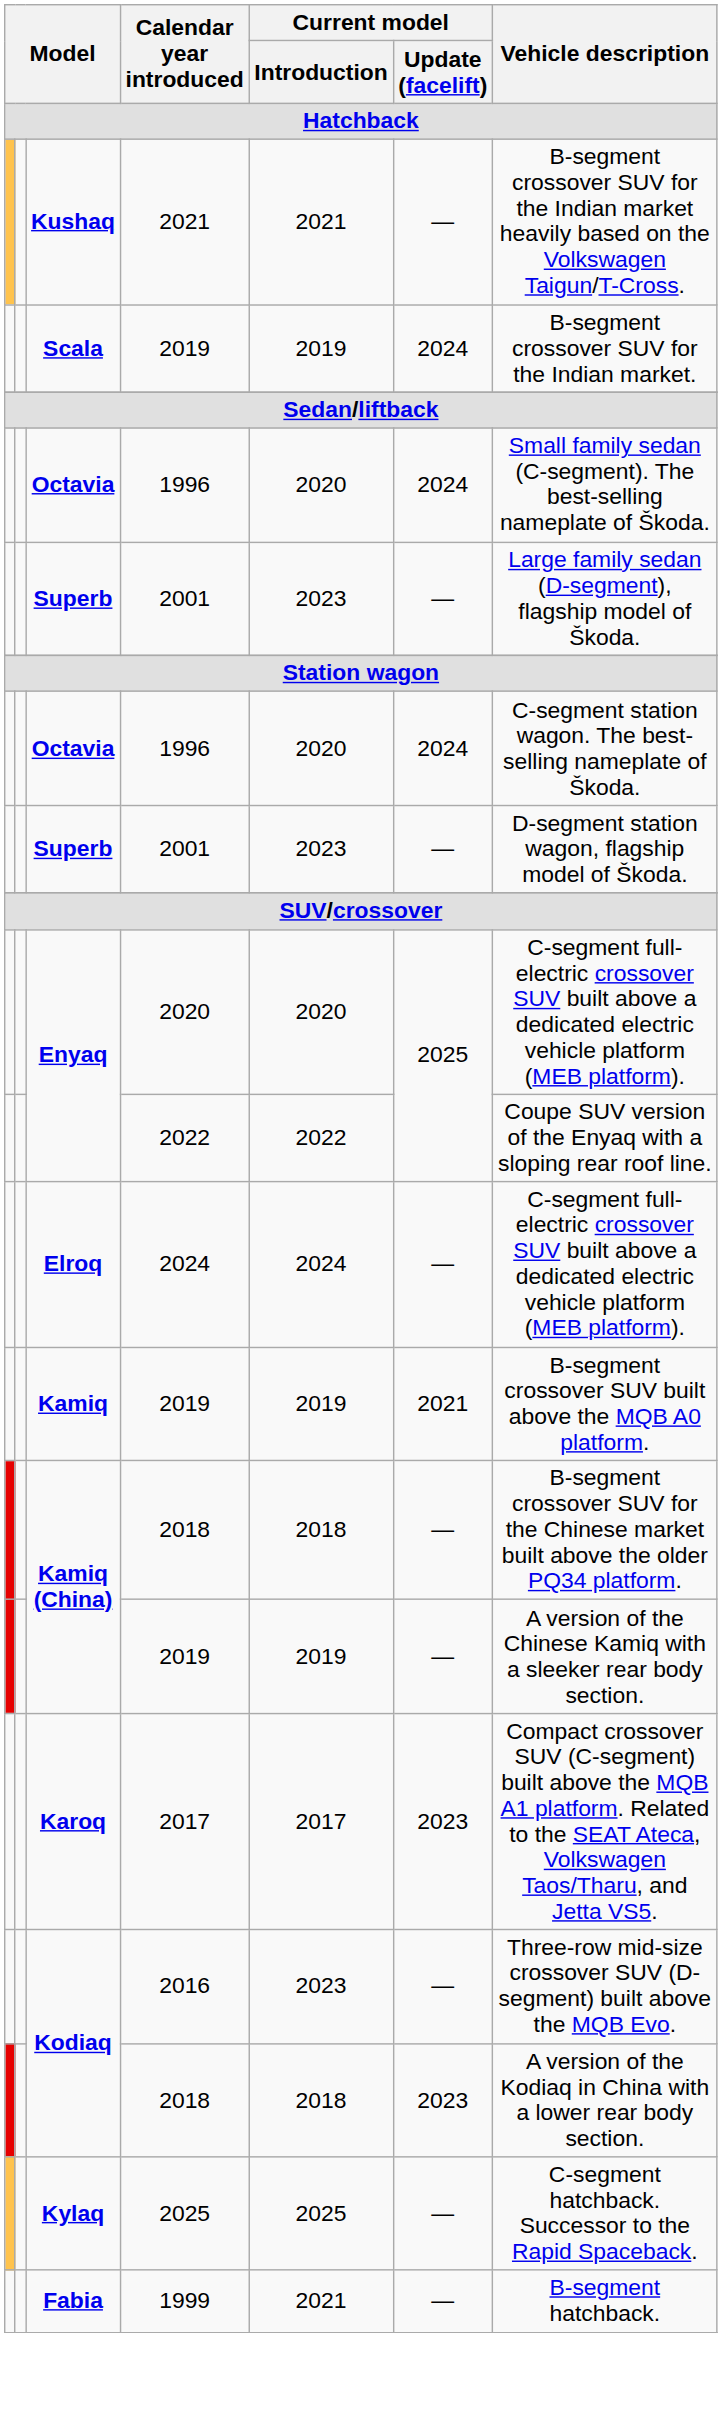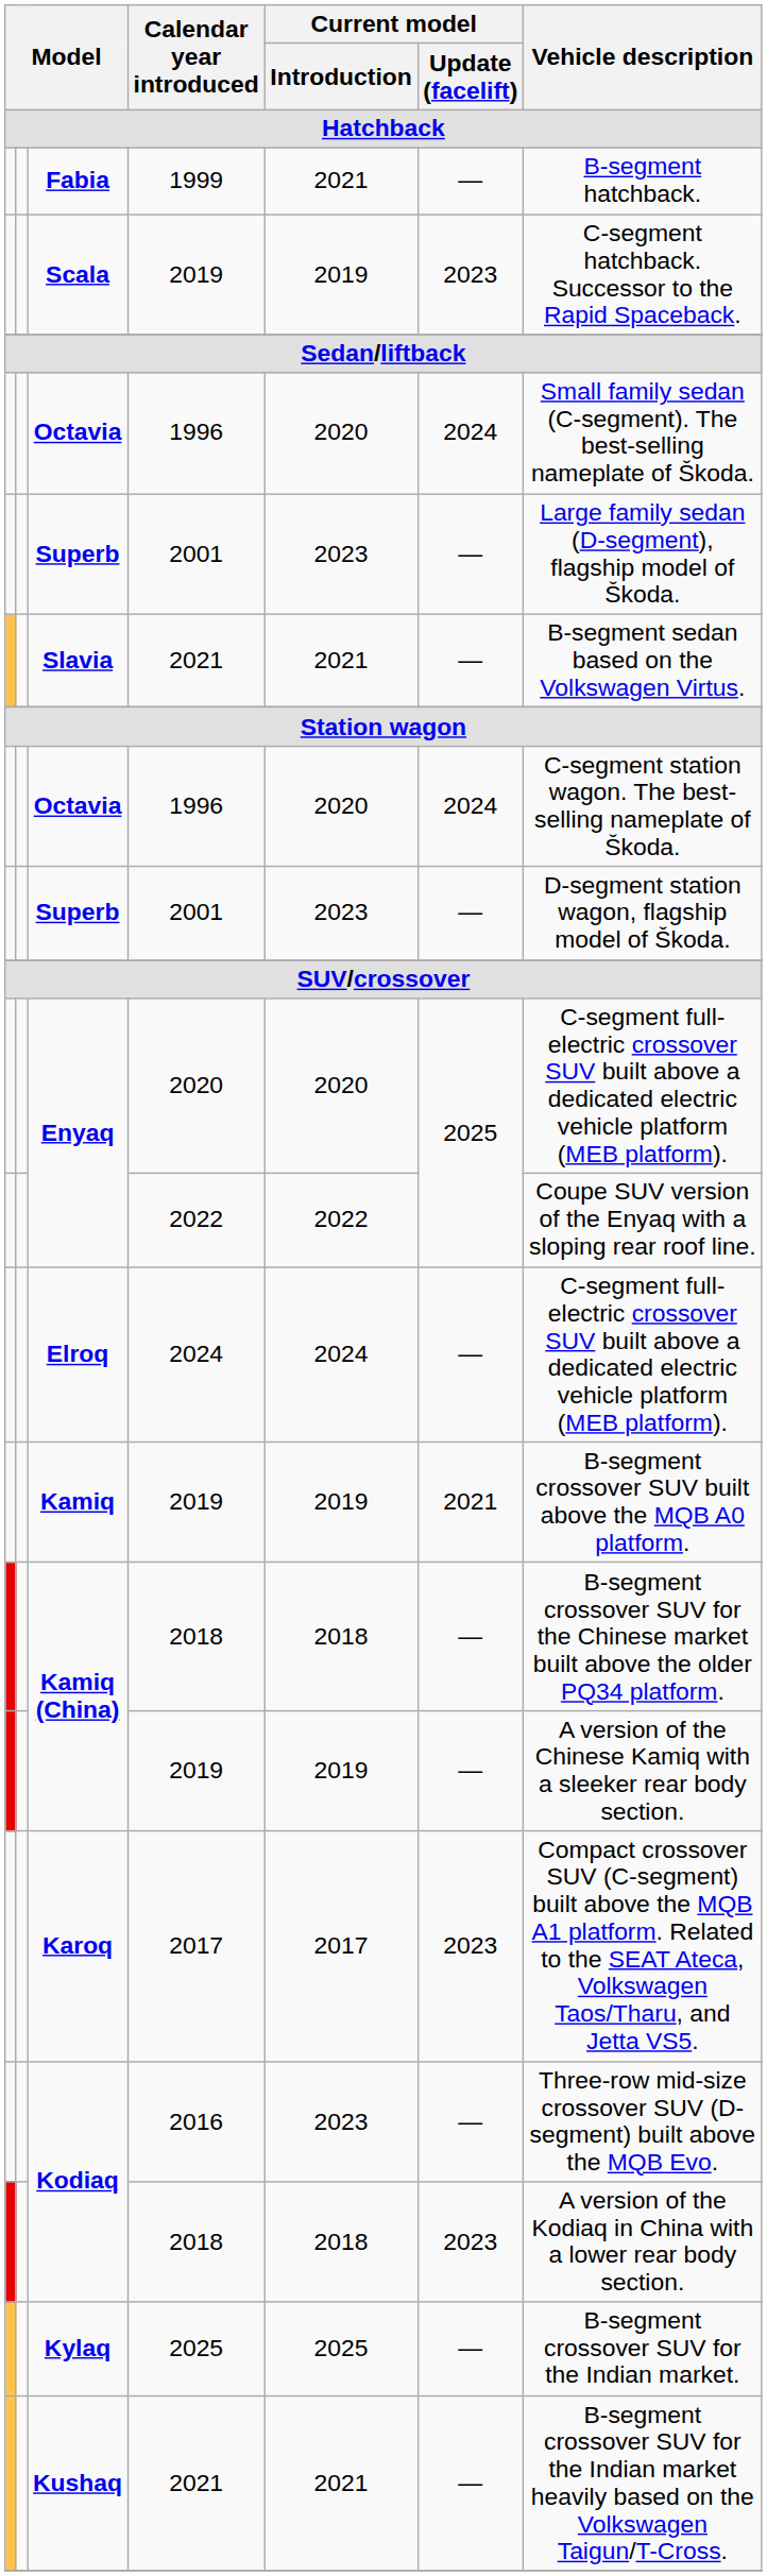 <table class="wikitable" style="text-align: center; width: 80%">
 <tr>
 <th colspan="3" rowspan="2" width="1px">Model</th>
 <th rowspan="2" width=9%>Calendar year<br>introduced</th>
 <th colspan="2">Current model</th>
 <th rowspan="2" width=50% cellpadding=35px>Vehicle description</th>
 </tr>
 <tr>
 <th width=9%>Introduction</th>
 <th width=9%>Update (<a href='#'>facelift</a>)</th>
 </tr>
 <tr bgcolor="#e0e0e0">
 <td colspan="7"><strong><a href='#'>Hatchback</a></strong></td>
 </tr>
 <tr>
-<td style="background: #ffc34d"></td>
 <td></td>
-<td><a href='#'><strong>Kushaq</strong></a></td>
-<td>2021</td>
+<td></td>
+<td><a href='#'><strong>Fabia</strong></a></td>
+<td>1999</td>
 <td>2021</td>
 <td>—</td>
-<td>B-segment crossover SUV for the Indian market heavily based on the <a href='#'>Volkswagen Taigun</a>/<a href='#'>T-Cross</a>.</td>
+<td><a href='#'>B-segment</a> hatchback.</td>
 </tr>
 <tr>
 <td></td>
 <td></td>
 <td><a href='#'><strong>Scala</strong></a></td>
 <td>2019</td>
 <td>2019</td>
-<td>2024</td>
-<td>B-segment crossover SUV for the Indian market.</td>
+<td>2023</td>
+<td>C-segment hatchback. Successor to the <a href='#'>Rapid Spaceback</a>.</td>
 </tr>
 <tr>
 </tr>
 <tr bgcolor="#e0e0e0">
 <td colspan="7"><strong><a href='#'>Sedan</a>/<a href='#'>liftback</a></strong></td>
 </tr>
 <tr>
 <td></td>
 <td></td>
 <td><a href='#'><strong>Octavia</strong></a></td>
 <td>1996</td>
 <td>2020</td>
 <td>2024</td>
 <td><a href='#'>Small family sedan</a> (C-segment). The best-selling nameplate of Škoda.</td>
 </tr>
 <tr>
 <td></td>
 <td></td>
 <td><a href='#'><strong>Superb</strong></a></td>
 <td>2001</td>
 <td>2023</td>
 <td>—</td>
 <td><a href='#'>Large family sedan</a> (<a href='#'>D-segment</a>), flagship model of Škoda.</td>
+</tr>
+<tr>
+<td style="background: #ffc34d"></td>
+<td></td>
+<td><a href='#'><strong>Slavia</strong></a></td>
+<td>2021</td>
+<td>2021</td>
+<td>—</td>
+<td>B-segment sedan based on the <a href='#'>Volkswagen Virtus</a>.</td>
 </tr>
 <tr>
 </tr>
 <tr bgcolor="#e0e0e0">
 <td colspan="7"><strong><a href='#'>Station wagon</a></strong></td>
 </tr>
 <tr>
 <td></td>
 <td></td>
 <td><a href='#'><strong>Octavia</strong></a></td>
 <td>1996</td>
 <td>2020</td>
 <td>2024</td>
 <td>C-segment station wagon. The best-selling nameplate of Škoda.</td>
 </tr>
 <tr>
 <td></td>
 <td></td>
 <td><a href='#'><strong>Superb</strong></a></td>
 <td>2001</td>
 <td>2023</td>
 <td>—</td>
 <td>D-segment station wagon, flagship model of Škoda.</td>
 </tr>
 <tr>
 </tr>
 <tr bgcolor="#e0e0e0">
 <td colspan="7"><strong><a href='#'>SUV</a>/<a href='#'>crossover</a></strong></td>
 </tr>
 <tr>
 <td></td>
 <td></td>
 <td rowspan="2"><a href='#'><strong>Enyaq</strong></a></td>
 <td>2020</td>
 <td>2020</td>
 <td rowspan="2">2025</td>
 <td>C-segment full-electric <a href='#'>crossover SUV</a> built above a dedicated electric vehicle platform (<a href='#'>MEB platform</a>).</td>
 </tr>
 <tr>
 <td></td>
 <td></td>
 <td>2022</td>
 <td>2022</td>
 <td>Coupe SUV version of the Enyaq with a sloping rear roof line.</td>
 </tr>
 <tr>
 <td></td>
 <td></td>
 <td><a href='#'><strong>Elroq</strong></a></td>
 <td>2024</td>
 <td>2024</td>
 <td>—</td>
 <td>C-segment full-electric <a href='#'>crossover SUV</a> built above a dedicated electric vehicle platform (<a href='#'>MEB platform</a>).</td>
 </tr>
 <tr>
 <td></td>
 <td></td>
 <td><a href='#'><strong>Kamiq</strong></a></td>
 <td>2019</td>
 <td>2019</td>
 <td>2021</td>
 <td>B-segment crossover SUV built above the <a href='#'>MQB A0 platform</a>.</td>
 </tr>
 <tr>
 <td style="background: #e60000"></td>
 <td></td>
 <td rowspan="2"><a href='#'><strong>Kamiq (China)</strong></a></td>
 <td>2018</td>
 <td>2018</td>
 <td>—</td>
 <td>B-segment crossover SUV for the Chinese market built above the older <a href='#'>PQ34 platform</a>.</td>
 </tr>
 <tr>
 <td style="background: #e60000"></td>
 <td></td>
 <td>2019</td>
 <td>2019</td>
 <td>—</td>
 <td>A version of the Chinese Kamiq with a sleeker rear body section.</td>
 </tr>
 <tr>
 <td></td>
 <td></td>
 <td><a href='#'><strong>Karoq</strong></a></td>
 <td>2017</td>
 <td>2017</td>
 <td>2023</td>
 <td>Compact crossover SUV (C-segment) built above the <a href='#'>MQB A1 platform</a>. Related to the <a href='#'>SEAT Ateca</a>, <a href='#'>Volkswagen Taos/Tharu</a>, and <a href='#'>Jetta VS5</a>.</td>
 </tr>
 <tr>
 <td></td>
 <td></td>
 <td rowspan="2"><a href='#'><strong>Kodiaq</strong></a></td>
 <td>2016</td>
 <td>2023</td>
 <td>—</td>
 <td>Three-row mid-size crossover SUV (D-segment) built above the <a href='#'>MQB Evo</a>.</td>
 </tr>
 <tr>
 <td style="background: #e60000"></td>
 <td></td>
 <td>2018</td>
 <td>2018</td>
 <td>2023</td>
 <td>A version of the Kodiaq in China with a lower rear body section.</td>
 </tr>
 <tr>
 <td style="background: #ffc34d"></td>
 <td></td>
 <td><a href='#'><strong>Kylaq</strong></a></td>
 <td>2025</td>
 <td>2025</td>
 <td>—</td>
-<td>C-segment hatchback. Successor to the <a href='#'>Rapid Spaceback</a>.</td>
+<td>B-segment crossover SUV for the Indian market.</td>
 </tr>
 <tr>
+<td style="background: #ffc34d"></td>
 <td></td>
-<td></td>
-<td><a href='#'><strong>Fabia</strong></a></td>
-<td>1999</td>
+<td><a href='#'><strong>Kushaq</strong></a></td>
+<td>2021</td>
 <td>2021</td>
 <td>—</td>
-<td><a href='#'>B-segment</a> hatchback.</td>
+<td>B-segment crossover SUV for the Indian market heavily based on the <a href='#'>Volkswagen Taigun</a>/<a href='#'>T-Cross</a>.</td>
 </tr>
 <tr>
 </tr>
 </table>
